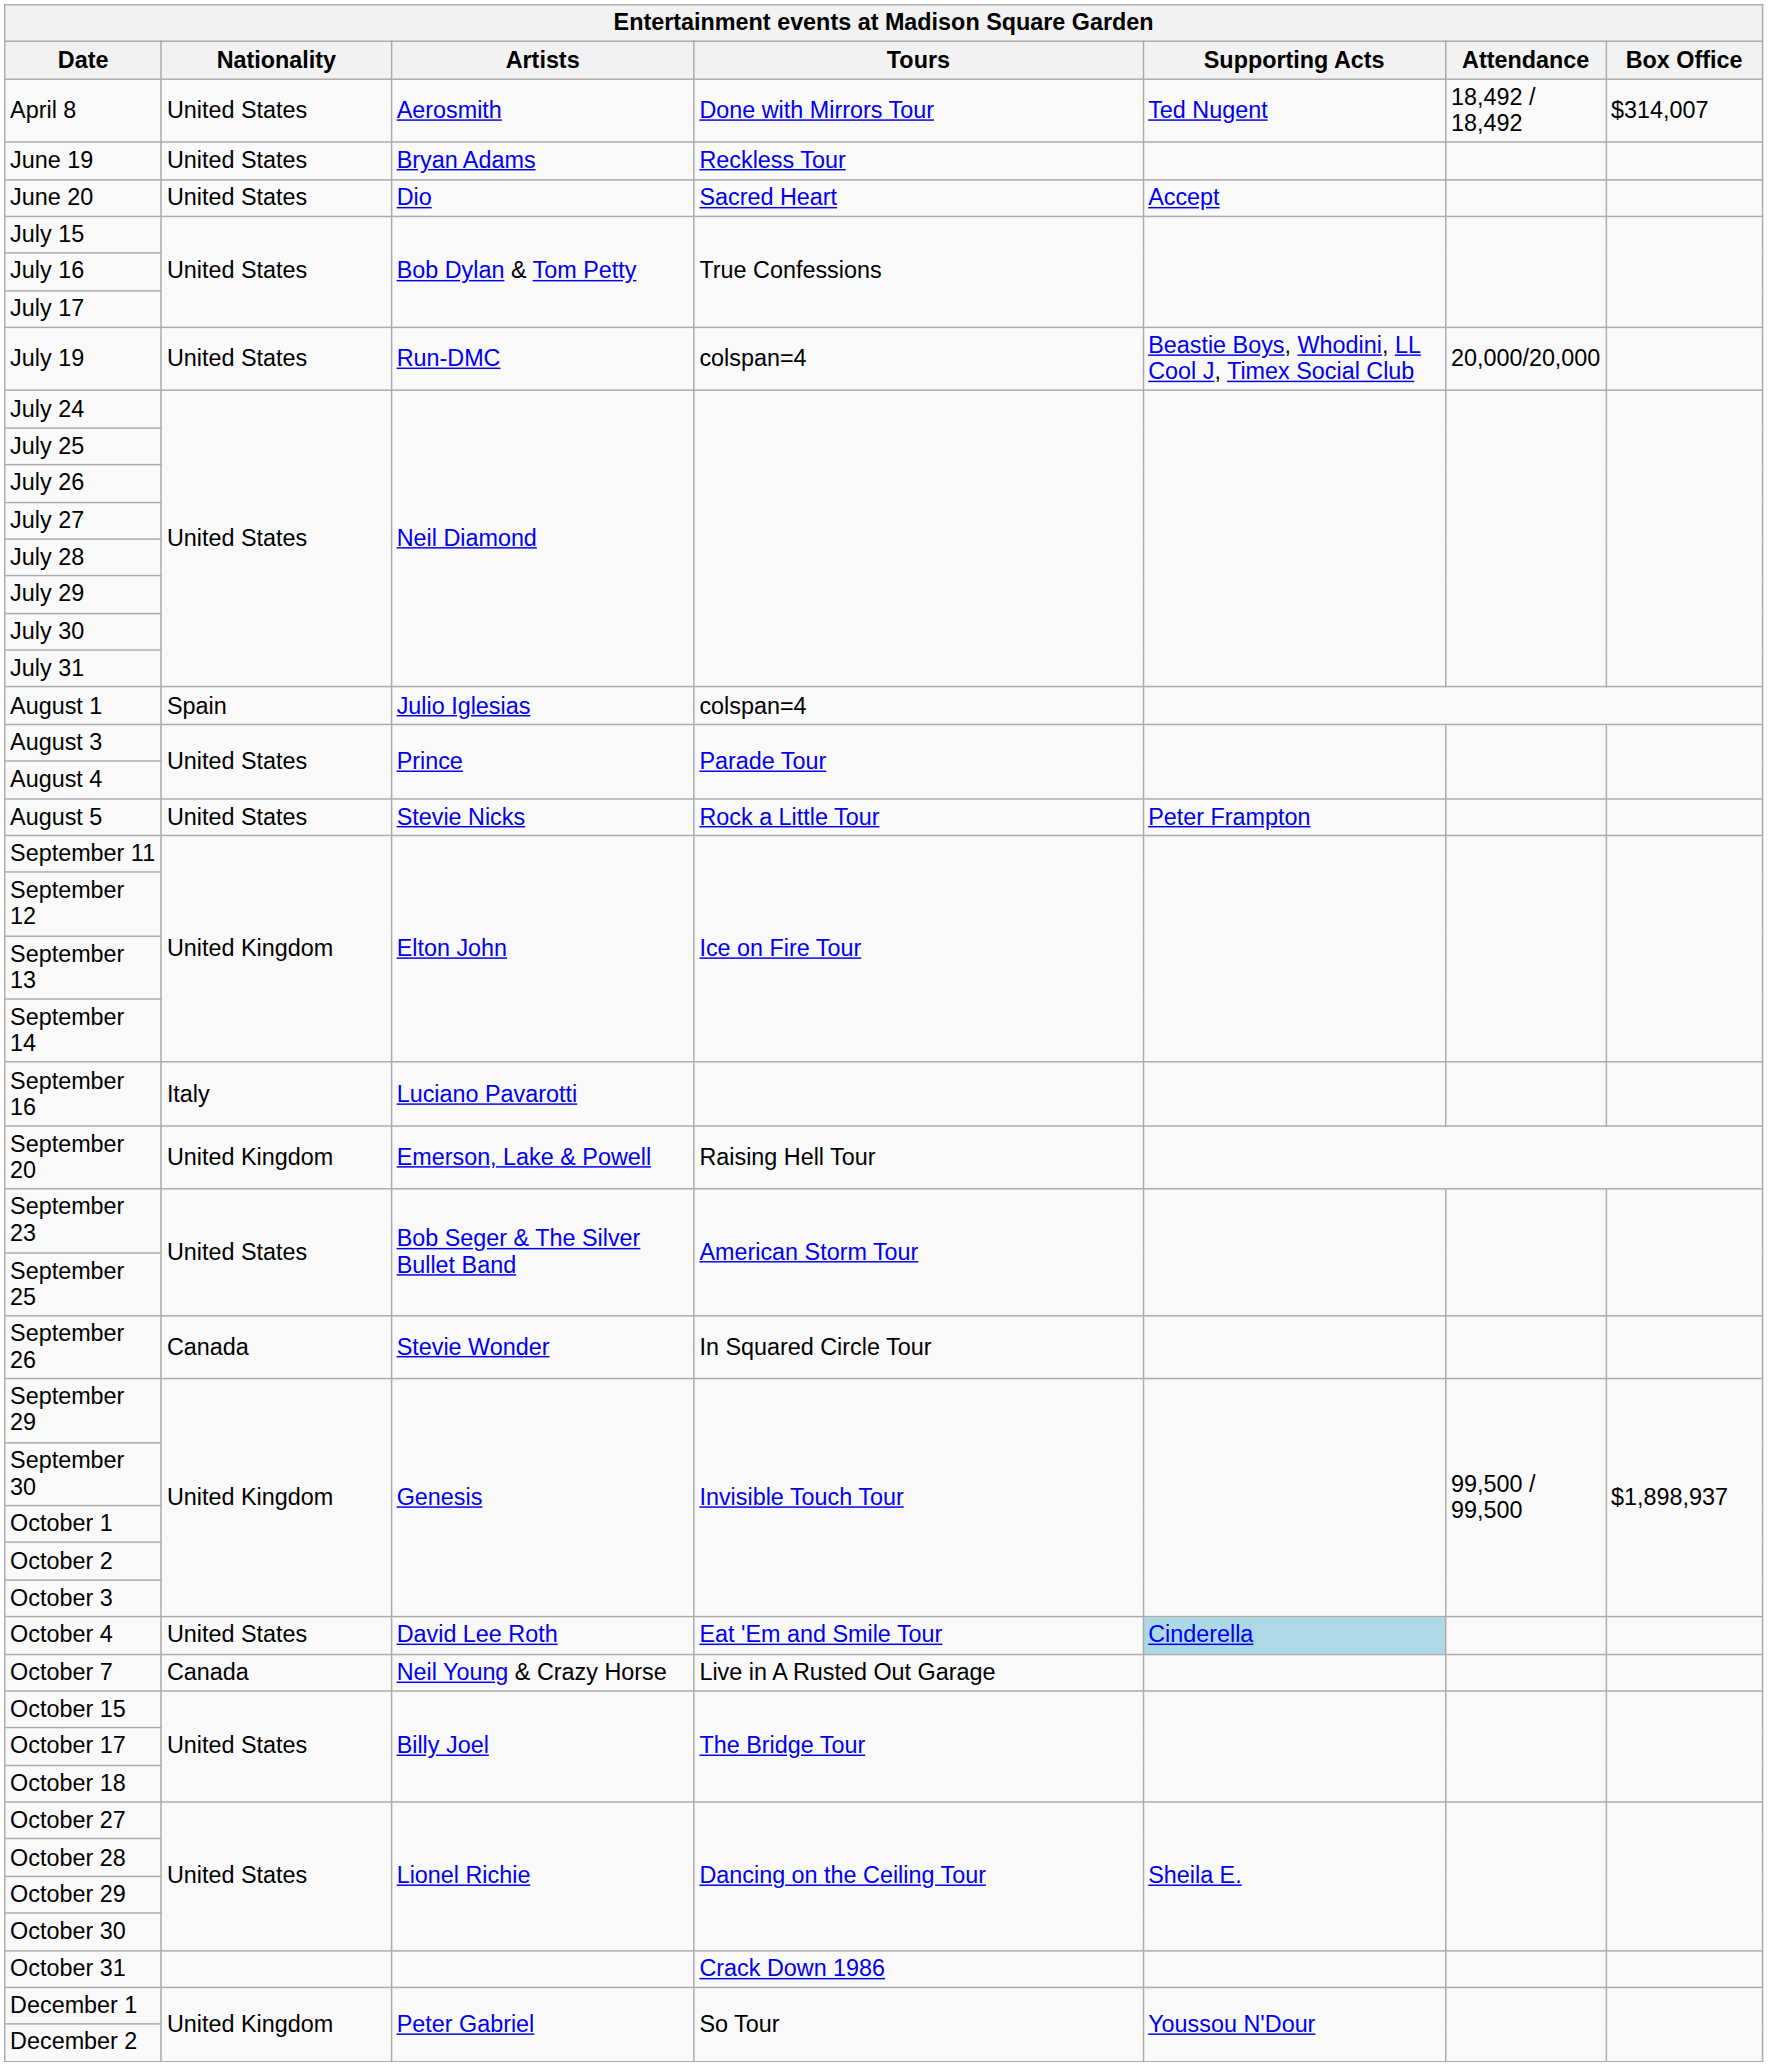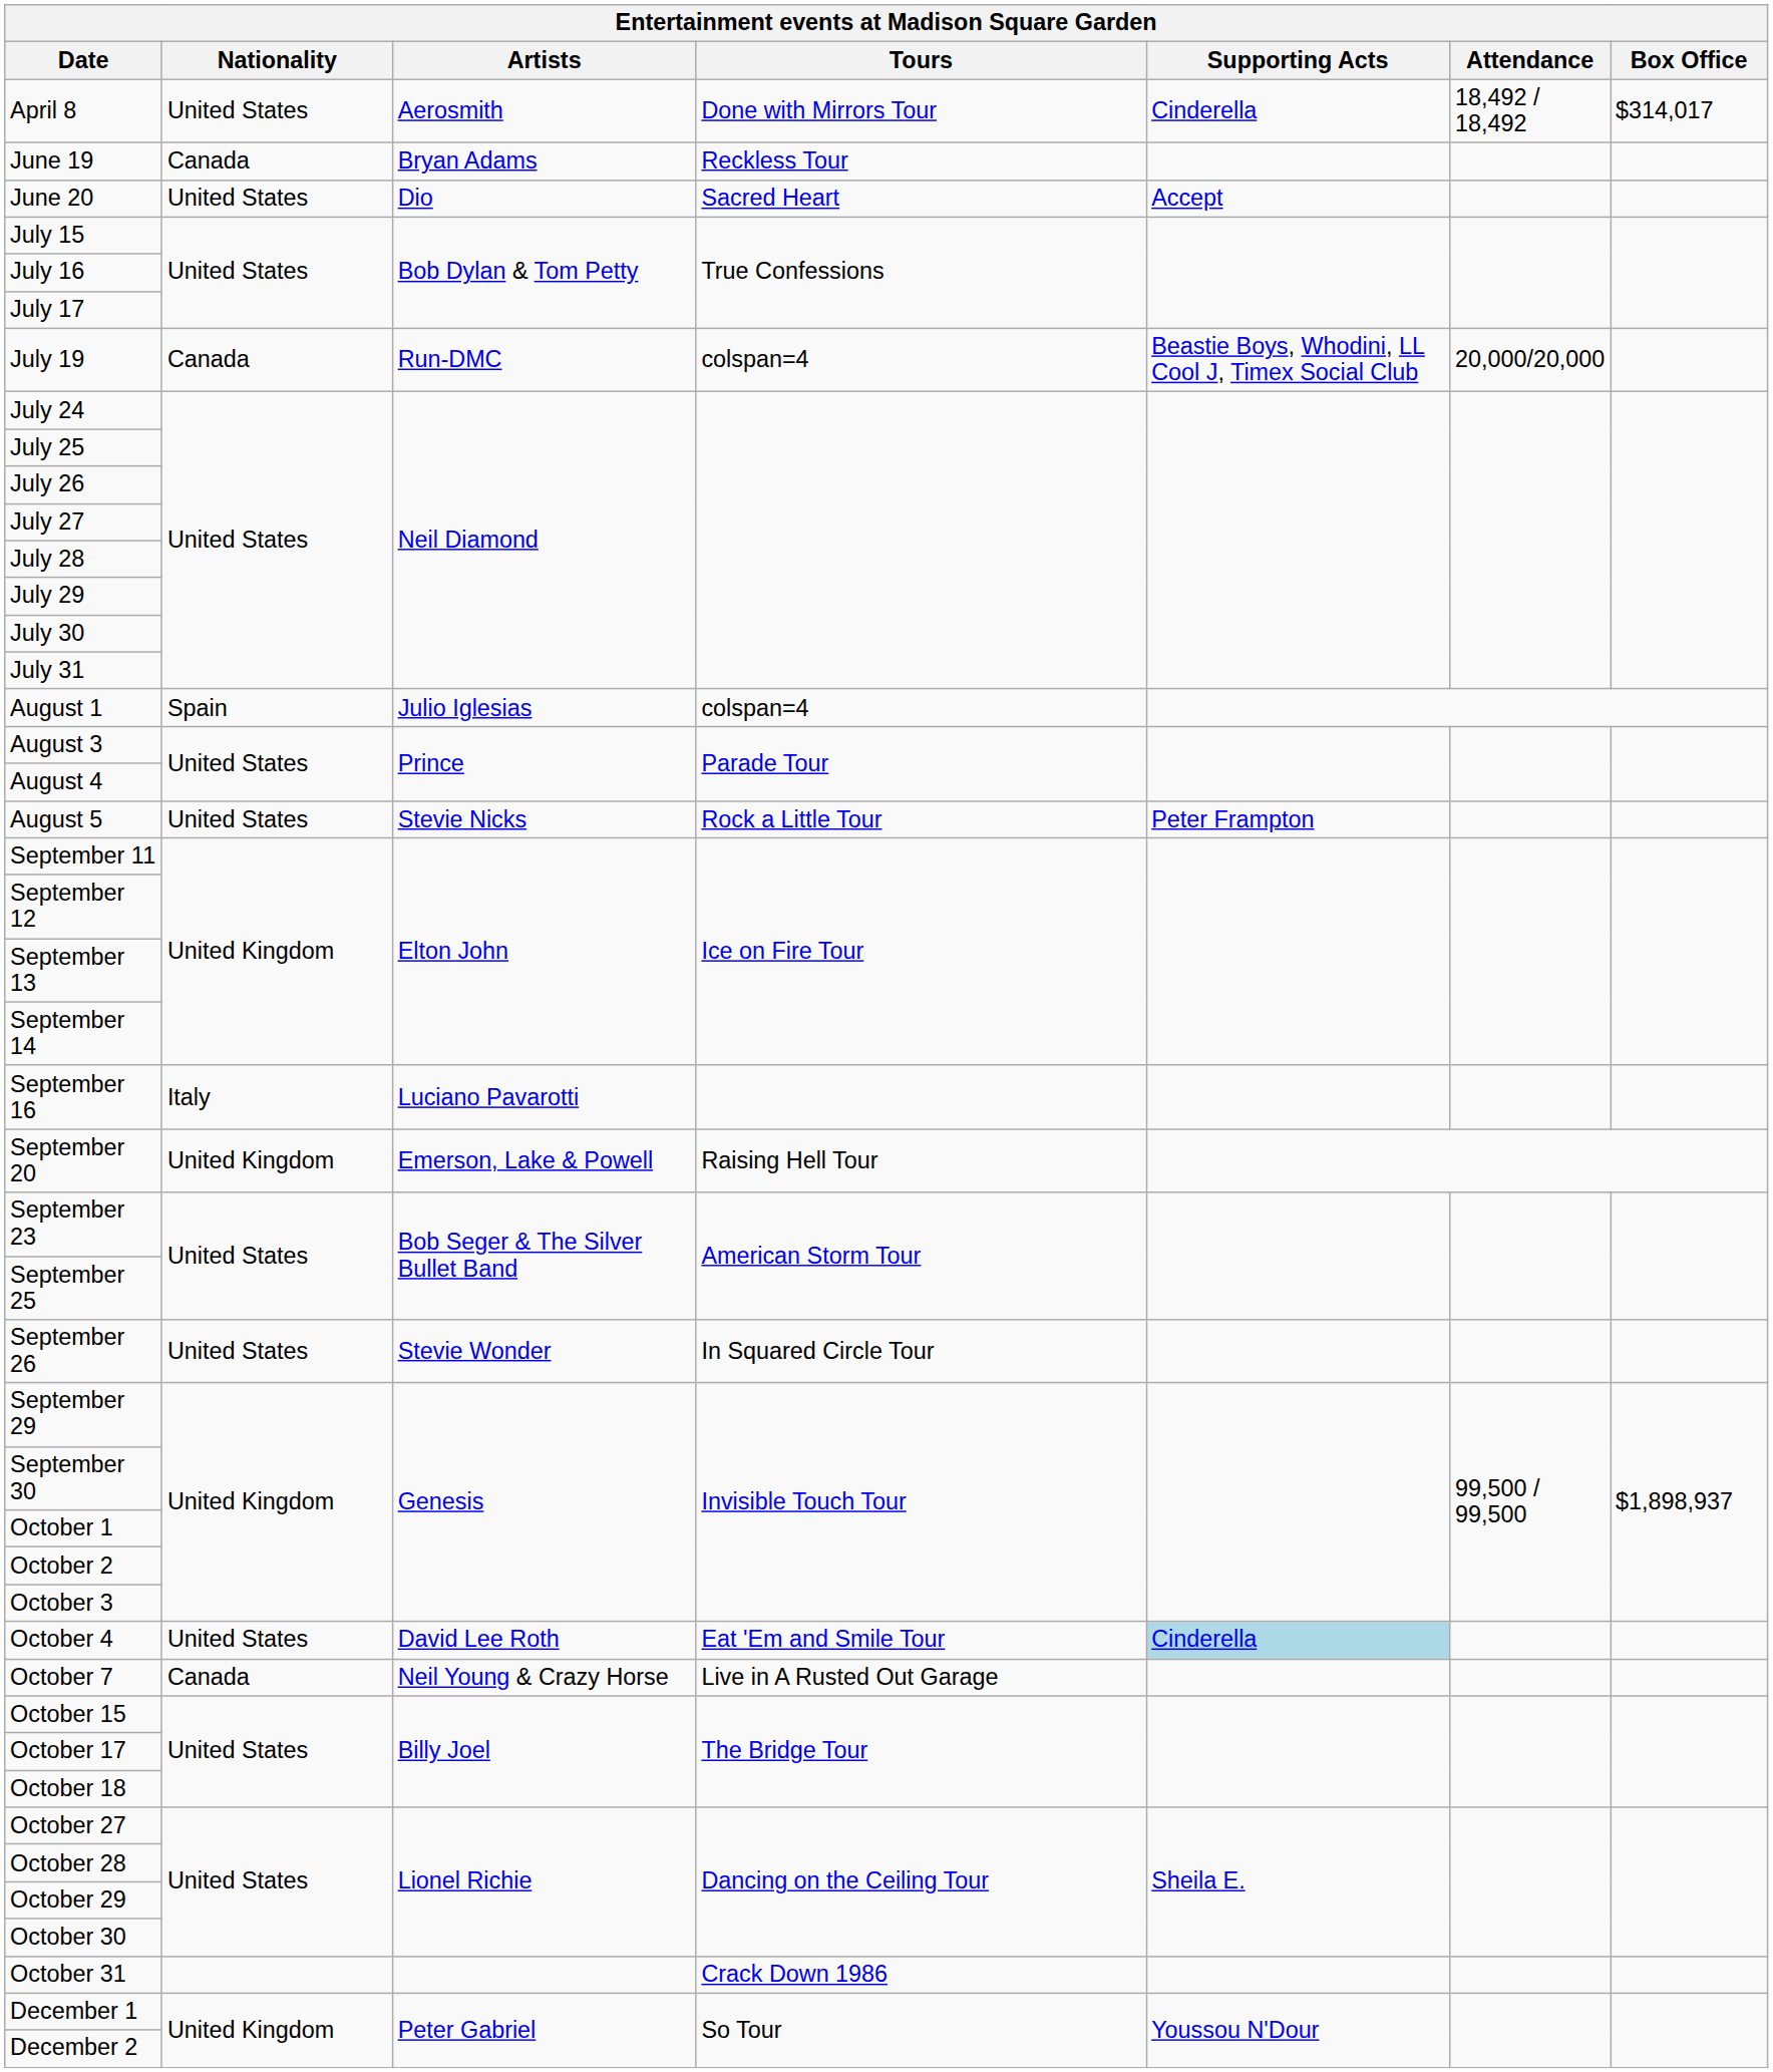 <table class="wikitable">
 <tr>
 <th colspan="7">Entertainment events at Madison Square Garden</th>
 </tr>
 <tr>
 <th width=100>Date</th>
 <th width=150>Nationality</th>
 <th width=200>Artists</th>
 <th width=300>Tours</th>
 <th width=200>Supporting Acts</th>
 <th width=100>Attendance</th>
 <th width=100>Box Office</th>
 </tr>
 <tr>
 <td>April 8</td>
 <td>United States</td>
 <td><a href='#'>Aerosmith</a></td>
 <td><a href='#'>Done with Mirrors Tour</a></td>
-<td><a href='#'>Ted Nugent</a></td>
+<td><a href='#'>Cinderella</a></td>
 <td>18,492 / 18,492</td>
-<td>$314,007</td>
+<td>$314,017</td>
 </tr>
 <tr>
 <td>June 19</td>
-<td>United States</td>
+<td>Canada</td>
 <td><a href='#'>Bryan Adams</a></td>
 <td><a href='#'>Reckless Tour</a></td>
 <td></td>
 <td></td>
 <td></td>
 </tr>
 <tr>
 <td>June 20</td>
 <td>United States</td>
 <td><a href='#'>Dio</a></td>
 <td><a href='#'>Sacred Heart</a></td>
 <td><a href='#'>Accept</a></td>
 <td></td>
 <td></td>
 </tr>
 <tr>
 <td>July 15</td>
 <td rowspan=3>United States</td>
 <td rowspan=3><a href='#'>Bob Dylan</a> & <a href='#'>Tom Petty</a></td>
 <td rowspan=3>True Confessions</td>
 <td rowspan=3></td>
 <td rowspan=3></td>
 <td rowspan=3></td>
 </tr>
 <tr>
 <td>July 16</td>
 </tr>
 <tr>
 <td>July 17</td>
 </tr>
 <tr>
 <td>July 19</td>
-<td>United States</td>
+<td>Canada</td>
 <td><a href='#'>Run-DMC</a></td>
 <td>colspan=4 </td>
 <td><a href='#'>Beastie Boys</a>, <a href='#'>Whodini</a>, <a href='#'>LL Cool J</a>, <a href='#'>Timex Social Club</a></td>
 <td>20,000/20,000</td>
 <td></td>
 </tr>
 <tr>
 <td>July 24</td>
 <td rowspan=8>United States</td>
 <td rowspan=8><a href='#'>Neil Diamond</a></td>
 <td rowspan=8></td>
 <td rowspan=8></td>
 <td rowspan=8></td>
 <td rowspan=8></td>
 </tr>
 <tr>
 <td>July 25</td>
 </tr>
 <tr>
 <td>July 26</td>
 </tr>
 <tr>
 <td>July 27</td>
 </tr>
 <tr>
 <td>July 28</td>
 </tr>
 <tr>
 <td>July 29</td>
 </tr>
 <tr>
 <td>July 30</td>
 </tr>
 <tr>
 <td>July 31</td>
 </tr>
 <tr>
 <td>August 1</td>
 <td>Spain</td>
 <td><a href='#'>Julio Iglesias</a></td>
 <td>colspan=4 </td>
 </tr>
 <tr>
 <td>August 3</td>
 <td rowspan=2>United States</td>
 <td rowspan=2><a href='#'>Prince</a></td>
 <td rowspan=2><a href='#'>Parade Tour</a></td>
 <td rowspan=2></td>
 <td rowspan=2></td>
 <td rowspan=2></td>
 </tr>
 <tr>
 <td>August 4</td>
 </tr>
 <tr>
 <td>August 5</td>
 <td>United States</td>
 <td><a href='#'>Stevie Nicks</a></td>
 <td><a href='#'>Rock a Little Tour</a></td>
 <td><a href='#'>Peter Frampton</a></td>
 <td></td>
 <td></td>
 </tr>
 <tr>
 <td>September 11</td>
 <td rowspan=4>United Kingdom</td>
 <td rowspan=4><a href='#'>Elton John</a></td>
 <td rowspan=4><a href='#'>Ice on Fire Tour</a></td>
 <td rowspan=4></td>
 <td rowspan=4></td>
 <td rowspan=4></td>
 </tr>
 <tr>
 <td>September 12</td>
 </tr>
 <tr>
 <td>September 13</td>
 </tr>
 <tr>
 <td>September 14</td>
 </tr>
 <tr>
 <td>September 16</td>
 <td>Italy</td>
 <td><a href='#'>Luciano Pavarotti</a></td>
 <td></td>
 <td></td>
 <td></td>
 <td></td>
 </tr>
 <tr>
 <td>September 20</td>
 <td>United Kingdom</td>
 <td><a href='#'>Emerson, Lake & Powell</a></td>
 <td>Raising Hell Tour</td>
 </tr>
 <tr>
 <td>September 23</td>
 <td rowspan=2>United States</td>
 <td rowspan=2><a href='#'>Bob Seger & The Silver Bullet Band</a></td>
 <td rowspan=2><a href='#'>American Storm Tour</a></td>
 <td rowspan=2></td>
 <td rowspan=2></td>
 <td rowspan=2></td>
 </tr>
 <tr>
 <td>September 25</td>
 </tr>
 <tr>
 <td>September 26</td>
-<td>Canada</td>
+<td>United States</td>
 <td><a href='#'>Stevie Wonder</a></td>
 <td>In Squared Circle Tour</td>
 <td></td>
 <td></td>
 <td></td>
 </tr>
 <tr>
 <td>September 29</td>
 <td rowspan=5>United Kingdom</td>
 <td rowspan=5><a href='#'>Genesis</a></td>
 <td rowspan=5><a href='#'>Invisible Touch Tour</a></td>
 <td rowspan=5></td>
 <td rowspan=5>99,500 / 99,500</td>
 <td rowspan=5>$1,898,937</td>
 </tr>
 <tr>
 <td>September 30</td>
 </tr>
 <tr>
 <td>October 1</td>
 </tr>
 <tr>
 <td>October 2</td>
 </tr>
 <tr>
 <td>October 3</td>
 </tr>
 <tr>
 <td>October 4</td>
 <td>United States</td>
 <td><a href='#'>David Lee Roth</a></td>
 <td><a href='#'>Eat 'Em and Smile Tour</a></td>
 <td style="background: lightblue;"><a href='#'>Cinderella</a></td>
 <td></td>
 <td></td>
 </tr>
 <tr>
 <td>October 7</td>
 <td>Canada</td>
 <td><a href='#'>Neil Young</a> & Crazy Horse</td>
 <td>Live in A Rusted Out Garage</td>
 <td></td>
 <td></td>
 <td></td>
 </tr>
 <tr>
 <td>October 15</td>
 <td rowspan=3>United States</td>
 <td rowspan=3><a href='#'>Billy Joel</a></td>
 <td rowspan=3><a href='#'>The Bridge Tour</a></td>
 <td rowspan=3></td>
 <td rowspan=3></td>
 <td rowspan=3></td>
 </tr>
 <tr>
 <td>October 17</td>
 </tr>
 <tr>
 <td>October 18</td>
 </tr>
 <tr>
 <td>October 27</td>
 <td rowspan=4>United States</td>
 <td rowspan=4><a href='#'>Lionel Richie</a></td>
 <td rowspan=4><a href='#'>Dancing on the Ceiling Tour</a></td>
 <td rowspan=4><a href='#'>Sheila E.</a></td>
 <td rowspan=4></td>
 <td rowspan=4></td>
 </tr>
 <tr>
 <td>October 28</td>
 </tr>
 <tr>
 <td>October 29</td>
 </tr>
 <tr>
 <td>October 30</td>
 </tr>
 <tr>
 <td>October 31</td>
 <td></td>
 <td></td>
 <td><a href='#'>Crack Down 1986</a></td>
 <td></td>
 <td></td>
 <td></td>
 </tr>
 <tr>
 <td>December 1</td>
 <td rowspan=2>United Kingdom</td>
 <td rowspan=2><a href='#'>Peter Gabriel</a></td>
 <td rowspan=2>So Tour</td>
 <td rowspan=2><a href='#'>Youssou N'Dour</a></td>
 <td rowspan=2></td>
 <td rowspan=2></td>
 </tr>
 <tr>
 <td>December 2</td>
 </tr>
 <tr>
 </tr>
 </table>
